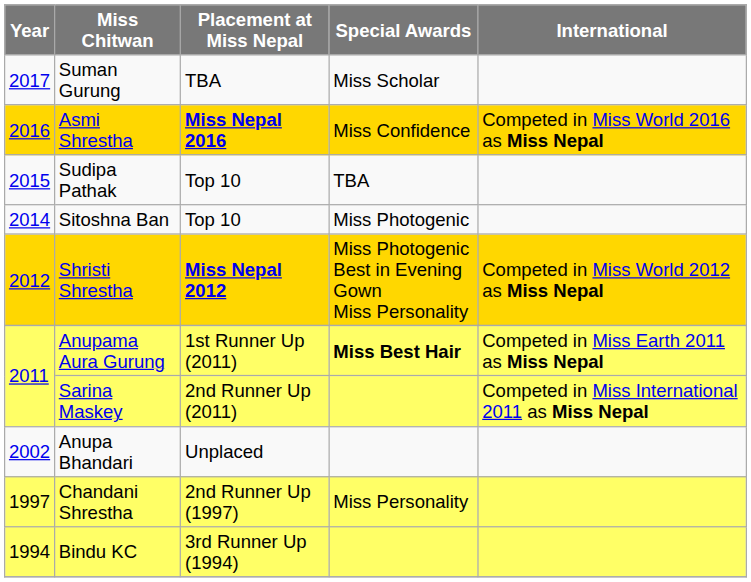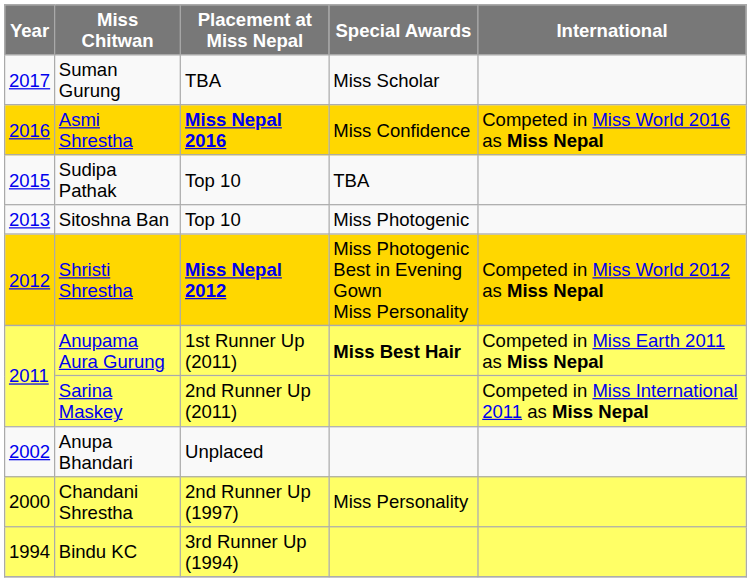 <table class="wikitable sortable" style="font-size: 95%;">
 <tr>
 <th width="30" style="background-color:#787878;color:#FFFFFF;">Year</th>
 <th width="150" style="background-color:#787878;color:#FFFFFF;">Miss Chitwan</th>
 <th width="180" style="background-color:#787878;color:#FFFFFF;">Placement at Miss Nepal</th>
 <th width="180" style="background-color:#787878;color:#FFFFFF;">Special Awards</th>
 <th width="420" style="background-color:#787878;color:#FFFFFF;">International</th>
 </tr>
 <tr>
 <td><a href='#'>2017</a></td>
 <td>Suman Gurung</td>
 <td>TBA</td>
 <td>Miss Scholar</td>
 <td></td>
 </tr>
 <tr style="background-color:GOLD; font-weight:">
 <td><a href='#'>2016</a></td>
 <td><a href='#'>Asmi Shrestha</a></td>
 <td><strong><a href='#'>Miss Nepal 2016</a></strong></td>
 <td>Miss Confidence</td>
 <td>Competed in <a href='#'>Miss World 2016</a> as <strong>Miss Nepal</strong></td>
 </tr>
 <tr>
 <td><a href='#'>2015</a></td>
 <td>Sudipa Pathak</td>
 <td>Top 10</td>
 <td>TBA</td>
 <td></td>
 </tr>
 <tr>
-<td><a href='#'>2014</a></td>
+<td><a href='#'>2013</a></td>
 <td>Sitoshna Ban</td>
 <td>Top 10</td>
 <td>Miss Photogenic</td>
 <td></td>
 </tr>
 <tr style="background-color:GOLD; font-weight:">
 <td><a href='#'>2012</a></td>
 <td><a href='#'>Shristi Shrestha</a></td>
 <td><strong><a href='#'>Miss Nepal 2012</a></strong></td>
 <td>Miss Photogenic <br> Best in Evening Gown <br> Miss Personality</td>
 <td>Competed in <a href='#'>Miss World 2012</a> as <strong>Miss Nepal</strong></td>
 </tr>
 <tr>
 </tr>
 <tr style="background-color:#FFFF66">
 <td rowspan="2" style="text-align"><a href='#'>2011</a></td>
 <td><a href='#'>Anupama Aura Gurung</a></td>
 <td>1st Runner Up (2011)</td>
 <td><strong>Miss Best Hair</strong></td>
 <td>Competed in <a href='#'>Miss Earth 2011</a> as <strong>Miss Nepal</strong></td>
 </tr>
 <tr style="background-color:#FFFF66">
 <td><a href='#'>Sarina Maskey</a></td>
 <td>2nd Runner Up (2011)</td>
 <td></td>
 <td>Competed in <a href='#'>Miss International 2011</a> as <strong>Miss Nepal</strong></td>
 </tr>
 <tr>
 <td><a href='#'>2002</a></td>
 <td>Anupa Bhandari</td>
 <td>Unplaced</td>
 <td></td>
 </tr>
 <tr style="background-color:#FFFF66">
-<td>1997</td>
+<td>2000</td>
 <td>Chandani Shrestha</td>
 <td>2nd Runner Up (1997)</td>
 <td>Miss Personality</td>
 <td></td>
 </tr>
 <tr style="background-color:#FFFF66">
 <td>1994</td>
 <td>Bindu KC</td>
 <td>3rd Runner Up (1994)</td>
 <td></td>
 <td></td>
 </tr>
 <tr>
 </tr>
 </table>
